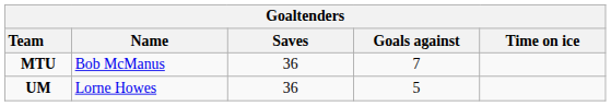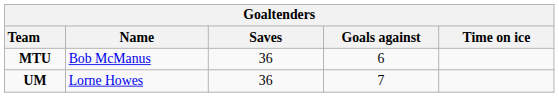 <table class="wikitable" style="width:40em; text-align:right;">
 <tr>
 <th colspan=5>Goaltenders</th>
 </tr>
 <tr>
 <th style="width:4em; text-align:left;">Team</th>
 <th style="width:10em;">Name</th>
 <th style="width:8em;">Saves</th>
 <th style="width:8em;">Goals against</th>
 <th style="width:8em;">Time on ice</th>
 </tr>
 <tr>
 <td align=center><strong>MTU</strong></td>
 <td style="text-align:left;"><a href='#'>Bob McManus</a></td>
 <td align=center>36</td>
-<td align=center>7</td>
+<td align=center>6</td>
 <td align=center></td>
 </tr>
 <tr>
 <td align=center><strong>UM</strong></td>
 <td style="text-align:left;"><a href='#'>Lorne Howes</a></td>
 <td align=center>36</td>
-<td align=center>5</td>
+<td align=center>7</td>
 <td align=center></td>
 </tr>
 </table>
